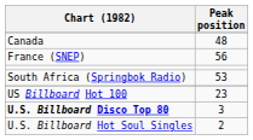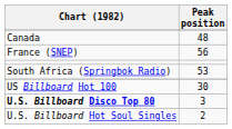 <table class="wikitable sortable">
 <tr>
 <th scope="col">Chart (1982)</th>
 <th scope="col">Peak<br>position</th>
 </tr>
 <tr>
 </tr>
 <tr>
 <td>Canada</td>
 <td style="text-align:center;">48</td>
 </tr>
 <tr>
 <td>France (<a href='#'>SNEP</a>)</td>
 <td style="text-align:center;">56</td>
 </tr>
 <tr>
 <td></td>
 </tr>
 <tr>
 <td>South Africa (<a href='#'>Springbok Radio</a>)</td>
 <td align="center">53</td>
 </tr>
 <tr>
 </tr>
 <tr>
 </tr>
 <tr>
 <td>US <em><a href='#'>Billboard</a></em> <a href='#'>Hot 100</a></td>
-<td style="text-align:center;">23</td>
+<td style="text-align:center;">30</td>
 </tr>
 <tr>
 <td><strong>U.S. <em>Billboard</em> <a href='#'>Disco Top 80</a></strong></td>
 <td align="center">3</td>
 </tr>
 <tr>
 <td>U.S. <em>Billboard</em> <a href='#'>Hot Soul Singles</a></td>
 <td align="center">2</td>
 </tr>
 </table>
